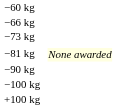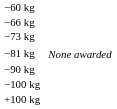 <table>
 <tr>
 <td rowspan=2>−60 kg</td>
 <td rowspan=2></td>
 <td rowspan=2></td>
 <td></td>
 </tr>
 <tr>
 <td></td>
 </tr>
 <tr>
 <td rowspan=2>−66 kg</td>
 <td rowspan=2></td>
 <td rowspan=2></td>
 <td></td>
 </tr>
 <tr>
 <td></td>
 </tr>
 <tr>
 <td rowspan=2>−73 kg</td>
 <td rowspan=2></td>
 <td rowspan=2></td>
 <td></td>
 </tr>
 <tr>
 <td></td>
 </tr>
 <tr>
 <td rowspan=2>−81 kg</td>
 <td rowspan=2></td>
 <td rowspan=2></td>
 <td></td>
 </tr>
 <tr>
-<td style="background: lightyellow;"><em>None awarded</em></td>
+<td><em>None awarded</em></td>
 </tr>
 <tr>
 <td rowspan=2>−90 kg</td>
 <td rowspan=2></td>
 <td rowspan=2></td>
 <td></td>
 </tr>
 <tr>
 <td></td>
 </tr>
 <tr>
 <td rowspan=2>−100 kg</td>
 <td rowspan=2></td>
 <td rowspan=2></td>
 <td></td>
 </tr>
 <tr>
 <td></td>
 </tr>
 <tr>
 <td rowspan=2>+100 kg</td>
 <td rowspan=2></td>
 <td rowspan=2></td>
 <td></td>
 </tr>
 <tr>
 <td></td>
 </tr>
 </table>
